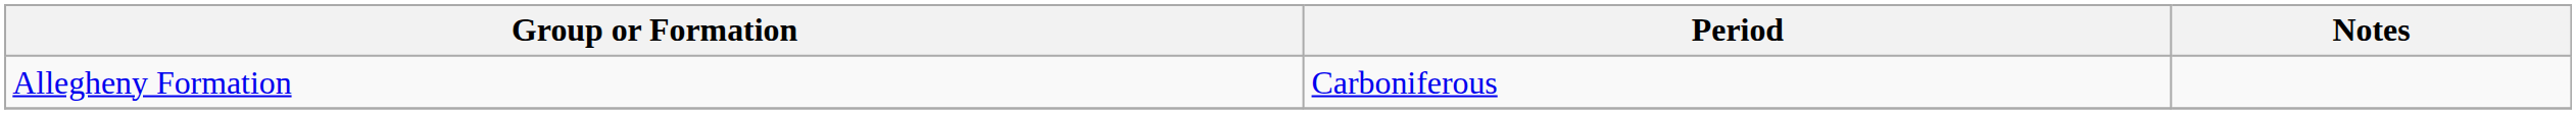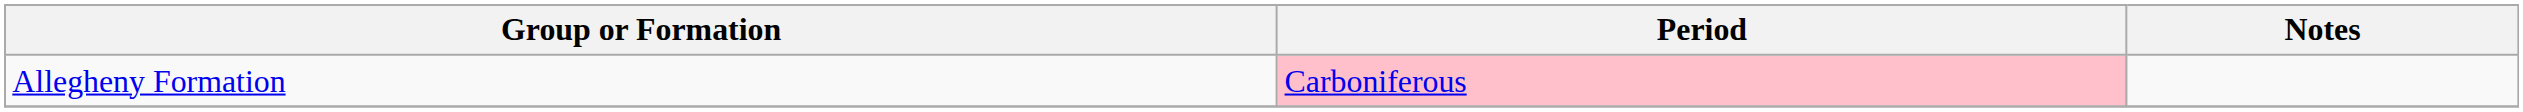 <table class="wikitable sortable" style="width: 100%;">
 <tr>
 <th>Group or Formation</th>
 <th>Period</th>
 <th class="unsortable">Notes</th>
 </tr>
 <tr>
 <td><a href='#'>Allegheny Formation</a></td>
-<td><a href='#'>Carboniferous</a></td>
+<td style="background: pink;"><a href='#'>Carboniferous</a></td>
 <td></td>
 </tr>
 <tr>
 </tr>
 </table>
